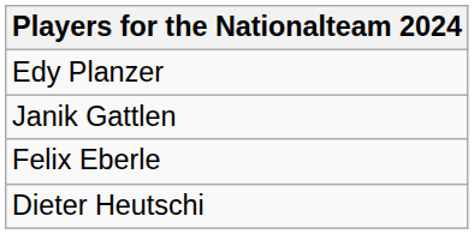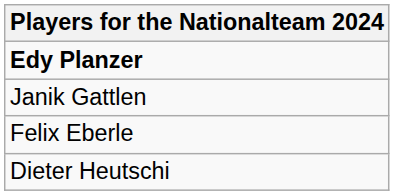 <table class="wikitable">
 <tr>
 <th> <strong>Players for the Nationalteam 2024</strong></th>
 </tr>
 <tr>
-<td> Edy Planzer</td>
+<td><strong> Edy Planzer</strong></td>
 </tr>
 <tr>
 <td> Janik Gattlen</td>
 </tr>
 <tr>
 <td> Felix Eberle</td>
 </tr>
 <tr>
 <td> Dieter Heutschi</td>
 </tr>
 </table>
